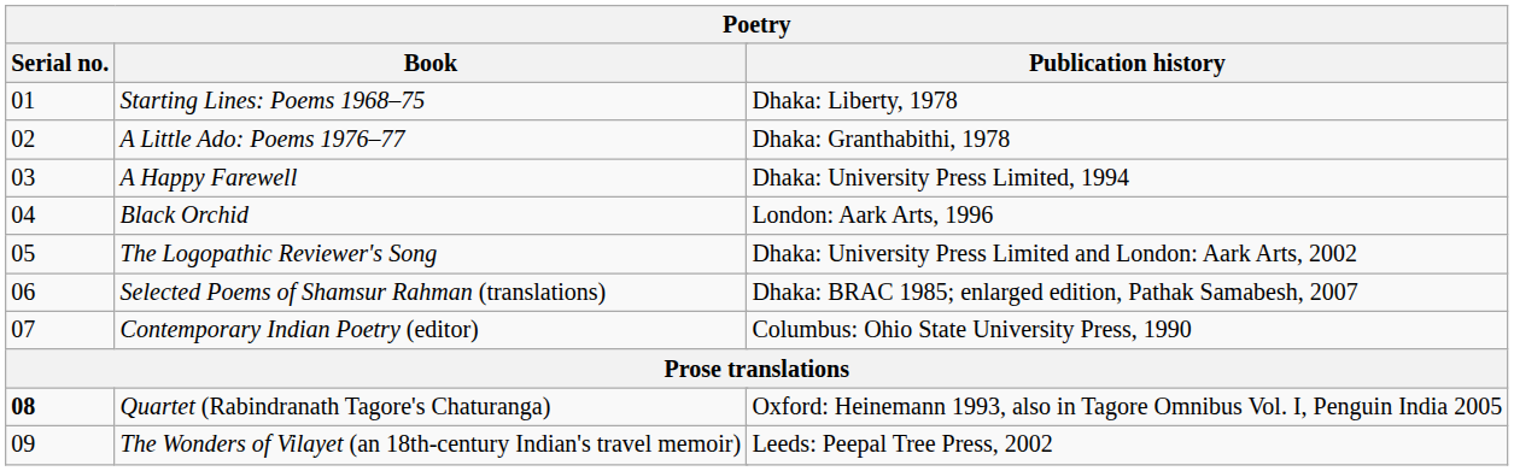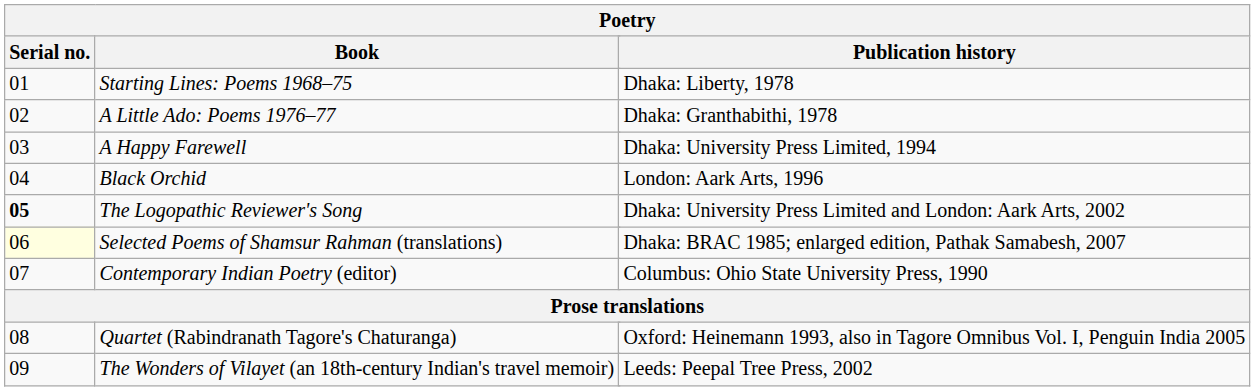 <table class="wikitable">
 <tr>
 <th colspan="5">Poetry</th>
 </tr>
 <tr>
 <th>Serial no.</th>
 <th colspan="2">Book</th>
 <th colspan="2">Publication history</th>
 </tr>
 <tr>
 <td>01</td>
 <td colspan="2"><em>Starting Lines: Poems 1968–75</em></td>
 <td colspan="2">Dhaka: Liberty, 1978</td>
 </tr>
 <tr>
 <td>02</td>
 <td colspan="2"><em>A Little Ado: Poems 1976–77</em></td>
 <td colspan="2">Dhaka: Granthabithi, 1978</td>
 </tr>
 <tr>
 <td>03</td>
 <td colspan="2"><em>A Happy Farewell</em></td>
 <td colspan="2">Dhaka: University Press Limited, 1994</td>
 </tr>
 <tr>
 <td>04</td>
 <td colspan="2"><em>Black Orchid</em></td>
 <td colspan="2">London: Aark Arts, 1996</td>
 </tr>
 <tr>
-<td>05</td>
+<td><strong>05</strong></td>
 <td colspan="2"><em>The Logopathic Reviewer's Song</em></td>
 <td colspan="2">Dhaka: University Press Limited and London: Aark Arts, 2002</td>
 </tr>
 <tr>
-<td>06</td>
+<td style="background: lightyellow;">06</td>
 <td colspan="2"><em>Selected Poems of Shamsur Rahman</em> (translations)</td>
 <td colspan="2">Dhaka: BRAC 1985; enlarged edition, Pathak Samabesh, 2007</td>
 </tr>
 <tr>
 <td>07</td>
 <td colspan="2"><em>Contemporary Indian Poetry</em> (editor)</td>
 <td colspan="2">Columbus: Ohio State University Press, 1990</td>
 </tr>
 <tr>
 <th colspan="5">Prose translations</th>
 </tr>
 <tr>
-<td><strong>08</strong></td>
+<td>08</td>
 <td colspan="2"><em>Quartet</em> (Rabindranath Tagore's Chaturanga)</td>
 <td colspan="2">Oxford: Heinemann 1993, also in Tagore Omnibus Vol. I, Penguin India 2005</td>
 </tr>
 <tr>
 <td>09</td>
 <td colspan="2"><em>The Wonders of Vilayet</em> (an 18th-century Indian's travel memoir)</td>
 <td colspan="2">Leeds: Peepal Tree Press, 2002</td>
 </tr>
 </table>
